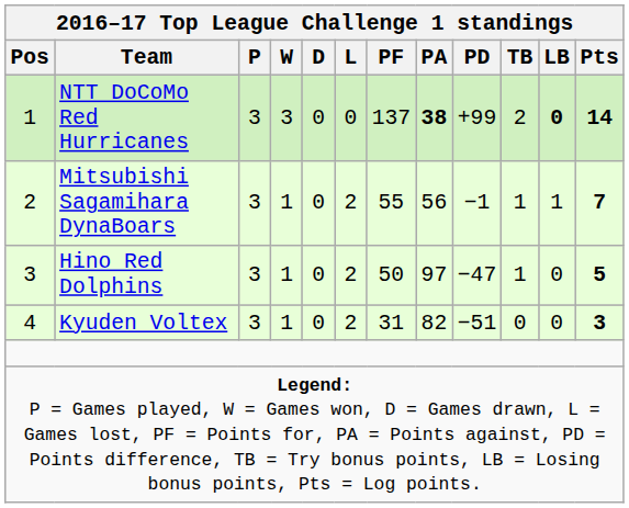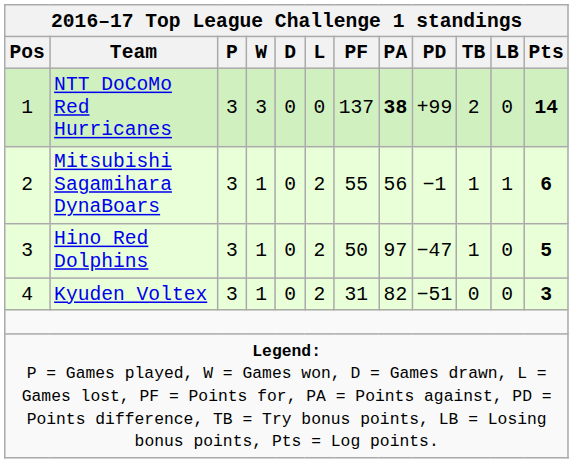 <table class="wikitable" style="text-align:center; font-size:100%; width:60%;">
 <tr>
 <th colspan="100%" cellpadding="0" cellspacing="0"><strong>2016–17 Top League Challenge 1 standings</strong></th>
 </tr>
 <tr>
 <th style="width:6%;">Pos</th>
 <th style="width:34%;">Team</th>
 <th style="width:6%;">P</th>
 <th style="width:6%;">W</th>
 <th style="width:6%;">D</th>
 <th style="width:6%;">L</th>
 <th style="width:6%;">PF</th>
 <th style="width:6%;">PA</th>
 <th style="width:6%;">PD</th>
 <th style="width:6%;">TB</th>
 <th style="width:6%;">LB</th>
 <th style="width:6%;">Pts<br></th>
 </tr>
 <tr style="background:#D0F0C0;">
 <td>1</td>
 <td style="text-align:left;"><a href='#'>NTT DoCoMo Red Hurricanes</a></td>
 <td>3</td>
 <td>3</td>
 <td>0</td>
 <td>0</td>
 <td>137</td>
 <td><strong>38</strong></td>
 <td>+99</td>
 <td>2</td>
-<td><strong>0</strong></td>
+<td>0</td>
 <td><strong>14</strong></td>
 </tr>
 <tr style="background:#E8FFD8;">
 <td>2</td>
 <td style="text-align:left;"><a href='#'>Mitsubishi Sagamihara DynaBoars</a></td>
 <td>3</td>
 <td>1</td>
 <td>0</td>
 <td>2</td>
 <td>55</td>
 <td>56</td>
 <td>−1</td>
 <td>1</td>
 <td>1</td>
-<td><strong>7</strong></td>
+<td><strong>6</strong></td>
 </tr>
 <tr style="background:#E8FFD8;">
 <td>3</td>
 <td style="text-align:left;"><a href='#'>Hino Red Dolphins</a></td>
 <td>3</td>
 <td>1</td>
 <td>0</td>
 <td>2</td>
 <td>50</td>
 <td>97</td>
 <td>−47</td>
 <td>1</td>
 <td>0</td>
 <td><strong>5</strong></td>
 </tr>
 <tr style="background:#E8FFD8;">
 <td>4</td>
 <td style="text-align:left;"><a href='#'>Kyuden Voltex</a></td>
 <td>3</td>
 <td>1</td>
 <td>0</td>
 <td>2</td>
 <td>31</td>
 <td>82</td>
 <td>−51</td>
 <td>0</td>
 <td>0</td>
 <td><strong>3</strong></td>
 </tr>
 <tr>
 <td colspan="100%" style="height:10px;"></td>
 </tr>
 <tr>
 <td colspan="100%"><small><strong>Legend:</strong> <br> P = Games played, W = Games won, D = Games drawn, L = Games lost, PF = Points for, PA = Points against, PD = Points difference, TB = Try bonus points, LB = Losing bonus points, Pts = Log points.</small></td>
 </tr>
 </table>
